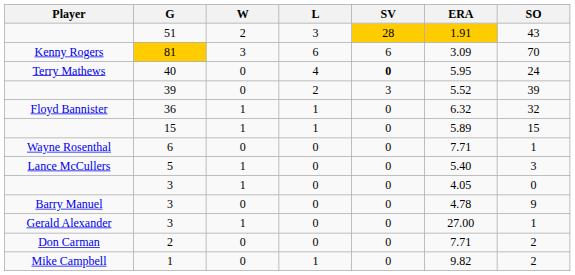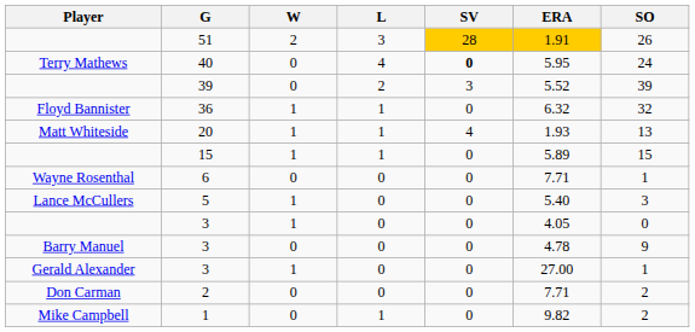 <table class="wikitable sortable">
 <tr>
 <th bgcolor="#DDDDFF" width="16%">Player</th>
 <th bgcolor="#DDDDFF" width="9%">G</th>
 <th bgcolor="#DDDDFF" width="9%">W</th>
 <th bgcolor="#DDDDFF" width="9%">L</th>
 <th bgcolor="#DDDDFF" width="9%">SV</th>
 <th bgcolor="#DDDDFF" width="9%">ERA</th>
 <th bgcolor="#DDDDFF" width="9%">SO</th>
 </tr>
 <tr align="center">
 <td></td>
 <td>51</td>
 <td>2</td>
 <td>3</td>
 <td style="background:#fc0;">28</td>
 <td style="background:#fc0;">1.91</td>
-<td>43</td>
-</tr>
-<tr align=center>
-<td><a href='#'>Kenny Rogers</a></td>
-<td style="background:#fc0;">81</td>
-<td>3</td>
-<td>6</td>
-<td>6</td>
-<td>3.09</td>
-<td>70</td>
+<td>26</td>
 </tr>
 <tr align=center>
 <td><a href='#'>Terry Mathews</a></td>
 <td>40</td>
 <td>0</td>
 <td>4</td>
 <td><strong>0</strong></td>
 <td>5.95</td>
 <td>24</td>
 </tr>
 <tr align=center>
 <td></td>
 <td>39</td>
 <td>0</td>
 <td>2</td>
 <td>3</td>
 <td>5.52</td>
 <td>39</td>
 </tr>
 <tr align="center">
 <td><a href='#'>Floyd Bannister</a></td>
 <td>36</td>
 <td>1</td>
 <td>1</td>
 <td>0</td>
 <td>6.32</td>
 <td>32</td>
+</tr>
+<tr align=center>
+<td><a href='#'>Matt Whiteside</a></td>
+<td>20</td>
+<td>1</td>
+<td>1</td>
+<td>4</td>
+<td>1.93</td>
+<td>13</td>
 </tr>
 <tr align=center>
 <td></td>
 <td>15</td>
 <td>1</td>
 <td>1</td>
 <td>0</td>
 <td>5.89</td>
 <td>15</td>
 </tr>
 <tr align="center">
 <td><a href='#'>Wayne Rosenthal</a></td>
 <td>6</td>
 <td>0</td>
 <td>0</td>
 <td>0</td>
 <td>7.71</td>
 <td>1</td>
 </tr>
 <tr align=center>
 <td><a href='#'>Lance McCullers</a></td>
 <td>5</td>
 <td>1</td>
 <td>0</td>
 <td>0</td>
 <td>5.40</td>
 <td>3</td>
 </tr>
 <tr align=center>
 <td></td>
 <td>3</td>
 <td>1</td>
 <td>0</td>
 <td>0</td>
 <td>4.05</td>
 <td>0</td>
 </tr>
 <tr align="center">
 <td><a href='#'>Barry Manuel</a></td>
 <td>3</td>
 <td>0</td>
 <td>0</td>
 <td>0</td>
 <td>4.78</td>
 <td>9</td>
 </tr>
 <tr align="center">
 <td><a href='#'>Gerald Alexander</a></td>
 <td>3</td>
 <td>1</td>
 <td>0</td>
 <td>0</td>
 <td>27.00</td>
 <td>1</td>
 </tr>
 <tr align=center>
 <td><a href='#'>Don Carman</a></td>
 <td>2</td>
 <td>0</td>
 <td>0</td>
 <td>0</td>
 <td>7.71</td>
 <td>2</td>
 </tr>
 <tr align=center>
 <td><a href='#'>Mike Campbell</a></td>
 <td>1</td>
 <td>0</td>
 <td>1</td>
 <td>0</td>
 <td>9.82</td>
 <td>2</td>
 </tr>
 </table>
